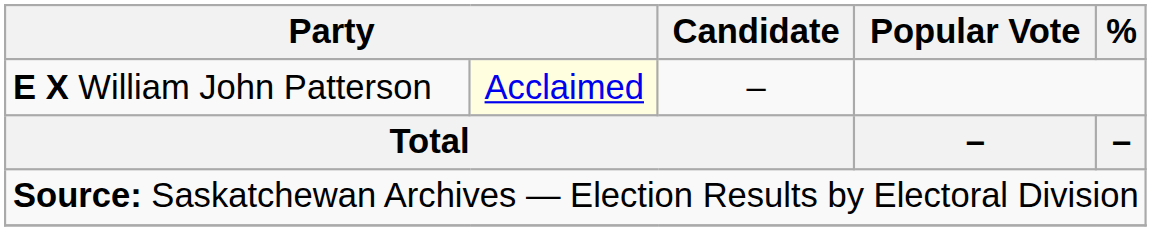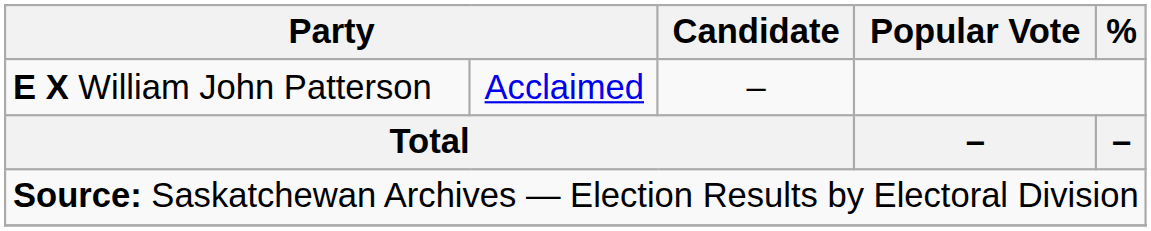 <table class="wikitable">
 <tr>
 <th colspan="2">Party</th>
 <th>Candidate</th>
 <th>Popular Vote</th>
 <th>%</th>
 </tr>
 <tr>
 <td><strong>E</strong> <strong>X</strong> William John Patterson</td>
-<td align=center style="background: lightyellow;"><a href='#'>Acclaimed</a></td>
+<td align=center><a href='#'>Acclaimed</a></td>
 <td align=center>–</td>
 </tr>
 <tr>
 <th colspan=3>Total</th>
 <th>–</th>
 <th>–</th>
 </tr>
 <tr>
 <td align="center" colspan=5><strong>Source:</strong> Saskatchewan Archives — Election Results by Electoral Division</td>
 </tr>
 <tr>
 </tr>
 </table>
